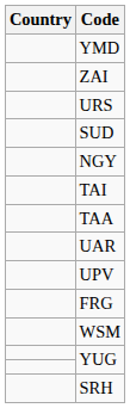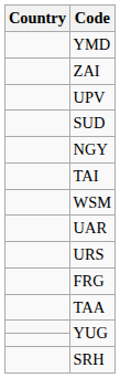 <table class="wikitable" style="font-size:90%; display:inline-table;">
 <tr>
 <th>Country</th>
 <th>Code</th>
 </tr>
 <tr>
 <td></td>
 <td>YMD</td>
 </tr>
 <tr>
 <td></td>
 <td>ZAI</td>
 </tr>
 <tr>
 <td></td>
-<td>URS</td>
+<td>UPV</td>
 </tr>
 <tr>
 <td></td>
 <td>SUD</td>
 </tr>
 <tr>
 <td></td>
 <td>NGY</td>
 </tr>
 <tr>
 <td></td>
 <td>TAI</td>
 </tr>
 <tr>
 <td></td>
-<td>TAA</td>
+<td>WSM</td>
 </tr>
 <tr>
 <td></td>
 <td>UAR</td>
 </tr>
 <tr>
 <td></td>
-<td>UPV</td>
+<td>URS</td>
 </tr>
 <tr>
 <td></td>
 <td>FRG</td>
 </tr>
 <tr>
 <td></td>
-<td>WSM</td>
+<td>TAA</td>
 </tr>
 <tr>
 <td></td>
 <td rowspan="2">YUG</td>
 </tr>
 <tr>
 <td></td>
 </tr>
 <tr>
 <td></td>
 <td>SRH</td>
 </tr>
 </table>
